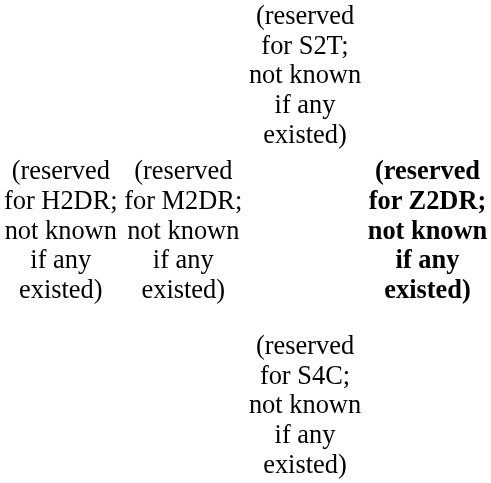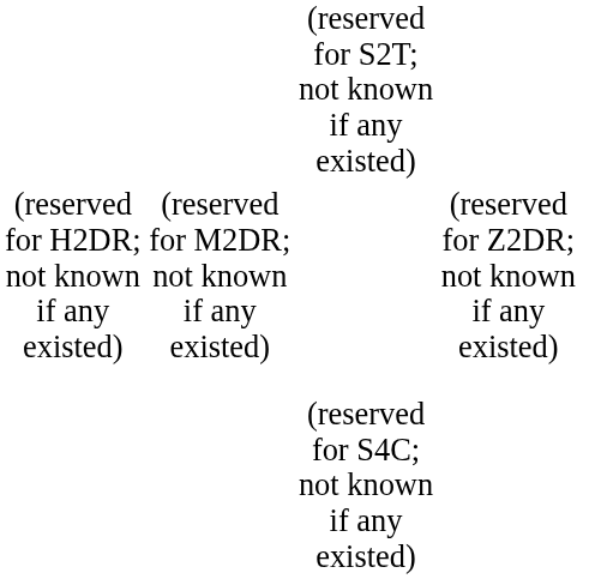 <table border="0" cellpadding="1">
 <tr>
 <td></td>
 <td></td>
 <td align="center">(reserved<br>for S2T;<br>not known<br>if any<br>existed)</td>
 <td></td>
 <td></td>
 </tr>
 <tr>
 <td align="center">(reserved<br>for H2DR;<br>not known<br>if any<br>existed)</td>
 <td align="center">(reserved<br>for M2DR;<br>not known<br>if any<br>existed)</td>
 <td></td>
-<td align="center"><strong>(reserved<br>for Z2DR;<br>not known<br>if any<br>existed)</strong></td>
+<td align="center">(reserved<br>for Z2DR;<br>not known<br>if any<br>existed)</td>
 </tr>
 <tr>
 <td></td>
 <td></td>
 <td></td>
 <td></td>
 </tr>
 <tr>
 <td></td>
 <td></td>
 <td></td>
 <td></td>
 </tr>
 <tr>
 <td></td>
 <td></td>
 <td></td>
 <td></td>
 </tr>
 <tr>
 <td></td>
 <td></td>
 <td align="center">(reserved<br>for S4C;<br>not known<br>if any<br>existed)</td>
 <td></td>
 <td></td>
 </tr>
 </table>
